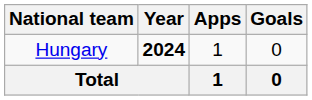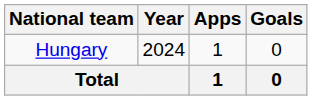 <table class="wikitable" style="text-align:center">
 <tr>
 <th>National team</th>
 <th>Year</th>
 <th>Apps</th>
 <th>Goals</th>
 </tr>
 <tr>
 <td rowspan="1"><a href='#'>Hungary</a></td>
-<td><strong>2024</strong></td>
+<td>2024</td>
 <td>1</td>
 <td>0</td>
 </tr>
 <tr>
 <th colspan="2">Total</th>
 <th>1</th>
 <th>0</th>
 </tr>
 </table>
